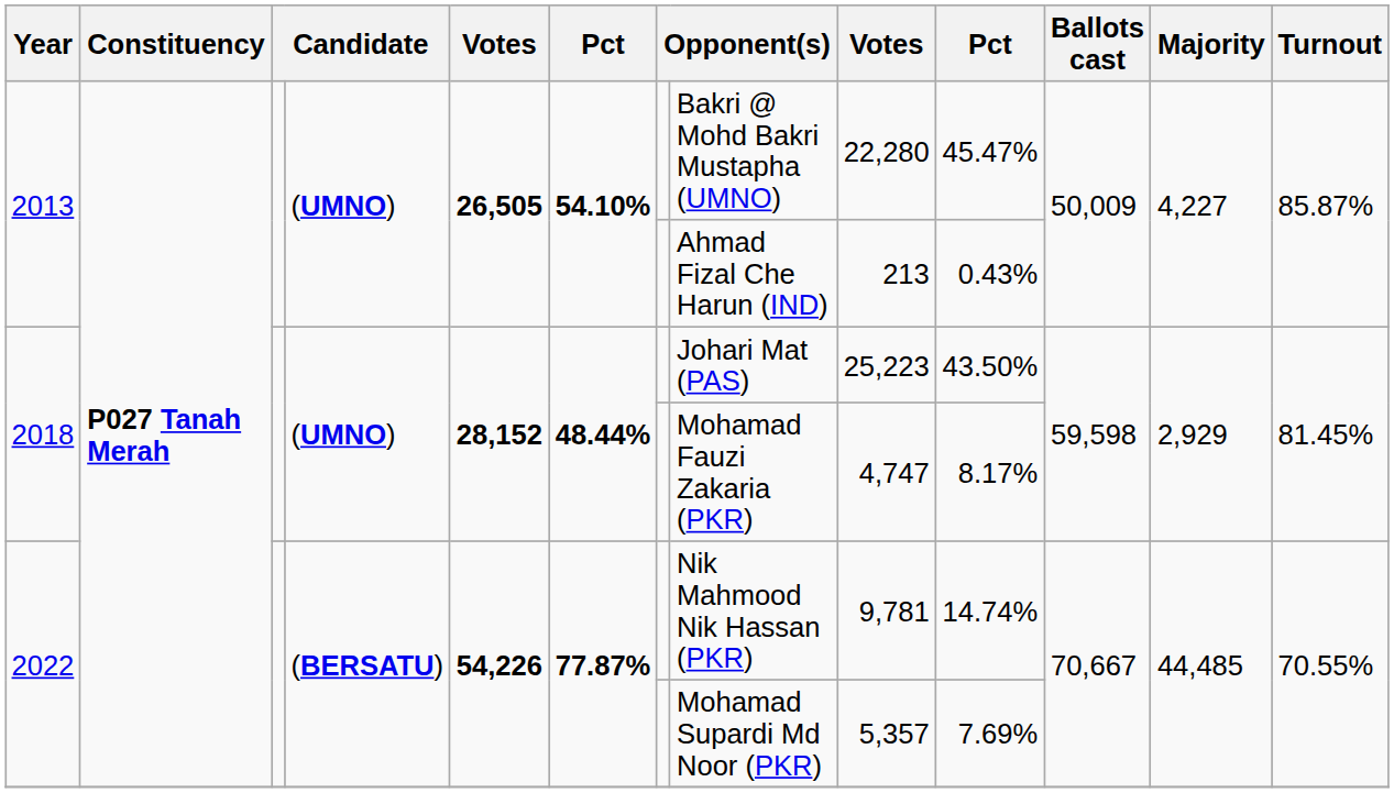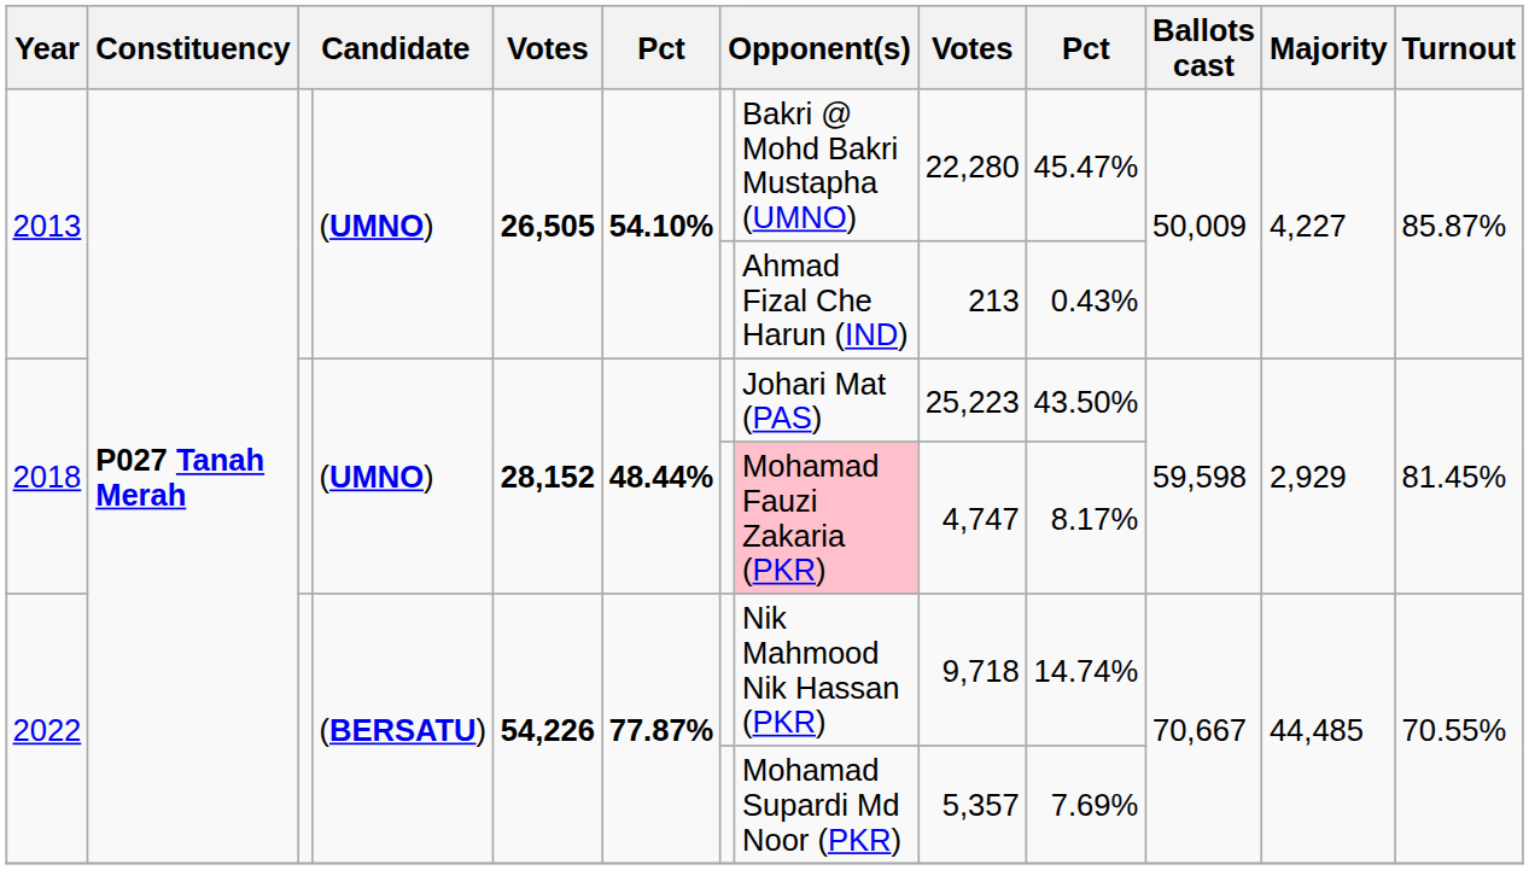 <table class="wikitable" style="margin:0.5em; font-size:95%;">
 <tr>
 <th>Year</th>
 <th>Constituency</th>
 <th colspan="2">Candidate</th>
 <th>Votes</th>
 <th>Pct</th>
 <th colspan="2">Opponent(s)</th>
 <th>Votes</th>
 <th>Pct</th>
 <th>Ballots cast</th>
 <th>Majority</th>
 <th>Turnout</th>
 </tr>
 <tr>
 <td rowspan="2"><a href='#'>2013</a></td>
 <td rowspan="6"><strong>P027 <a href='#'>Tanah Merah</a></strong></td>
 <td rowspan=2 ></td>
 <td rowspan="2"> (<a href='#'><strong>UMNO</strong></a>)</td>
 <td rowspan=2 align="right"><strong>26,505</strong></td>
 <td rowspan="2"><strong>54.10%</strong></td>
 <td></td>
 <td>Bakri @ Mohd Bakri Mustapha (<a href='#'>UMNO</a>)</td>
 <td align="right">22,280</td>
 <td>45.47%</td>
 <td rowspan="2">50,009</td>
 <td rowspan="2">4,227</td>
 <td rowspan="2">85.87%</td>
 </tr>
 <tr>
 <td></td>
 <td>Ahmad Fizal Che Harun (<a href='#'>IND</a>)</td>
 <td align="right">213</td>
 <td align=right>0.43%</td>
 </tr>
 <tr>
 <td rowspan="2"><a href='#'>2018</a></td>
 <td rowspan=2 ></td>
 <td rowspan="2"> (<a href='#'><strong>UMNO</strong></a>)</td>
 <td rowspan=2 align="right"><strong>28,152</strong></td>
 <td rowspan="2"><strong>48.44%</strong></td>
 <td></td>
 <td>Johari Mat (<a href='#'>PAS</a>)</td>
 <td align="right">25,223</td>
 <td>43.50%</td>
 <td rowspan="2">59,598</td>
 <td rowspan="2">2,929</td>
 <td rowspan="2">81.45%</td>
 </tr>
 <tr>
 <td></td>
-<td>Mohamad Fauzi Zakaria (<a href='#'>PKR</a>)</td>
+<td style="background: pink;">Mohamad Fauzi Zakaria (<a href='#'>PKR</a>)</td>
 <td align="right">4,747</td>
 <td align=right>8.17%</td>
 </tr>
 <tr>
 <td rowspan=2><a href='#'>2022</a></td>
 <td rowspan=2 ></td>
 <td rowspan=2><strong></strong> (<a href='#'><strong>BERSATU</strong></a>)</td>
 <td rowspan=2 align="right"><strong>54,226</strong></td>
 <td rowspan=2><strong>77.87%</strong></td>
 <td></td>
 <td>Nik Mahmood Nik Hassan (<a href='#'>PKR</a>)</td>
-<td align="right">9,781</td>
+<td align="right">9,718</td>
 <td>14.74%</td>
 <td rowspan=2>70,667</td>
 <td rowspan=2>44,485</td>
 <td rowspan=2>70.55%</td>
 </tr>
 <tr>
 <td></td>
 <td>Mohamad Supardi Md Noor (<a href='#'>PKR</a>)</td>
 <td align="right">5,357</td>
 <td align=right>7.69%</td>
 </tr>
 <tr>
 </tr>
 </table>
